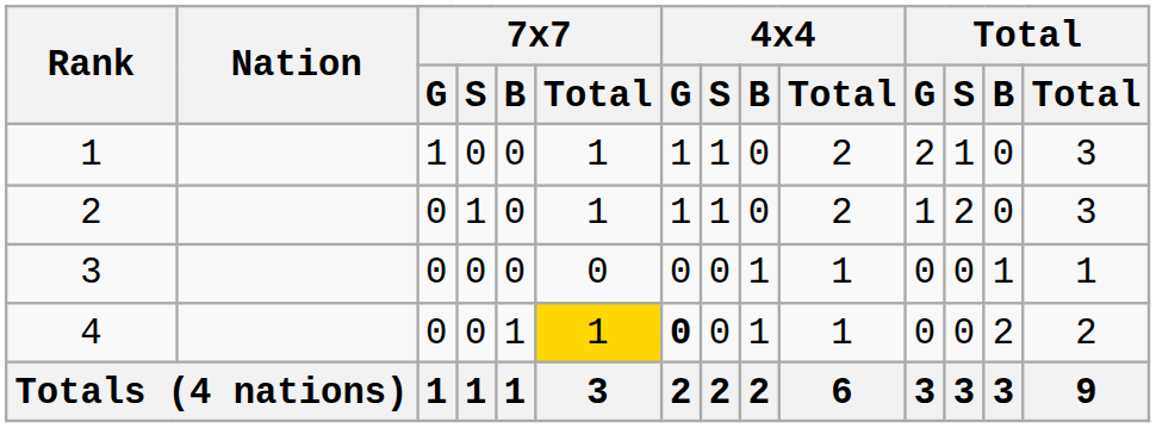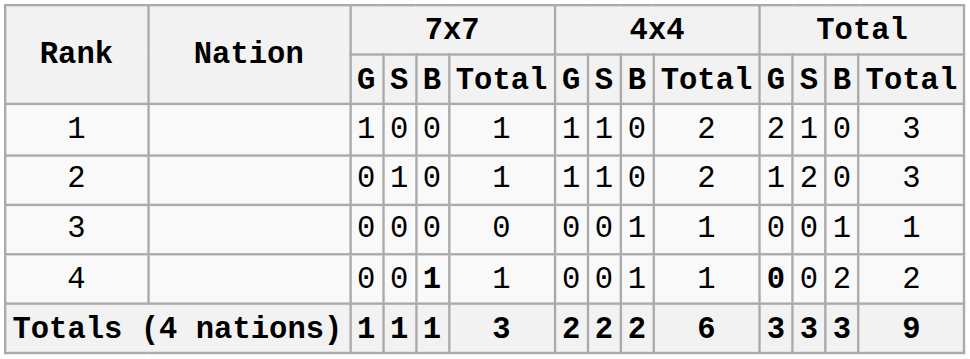 <table class="wikitable sortable" style="text-align:center">
 <tr>
 <th rowspan="2">Rank</th>
 <th rowspan="2">Nation</th>
 <th colspan="4">7x7</th>
 <th colspan="4">4x4</th>
 <th colspan="4">Total</th>
 </tr>
 <tr>
 <th>G</th>
 <th>S</th>
 <th>B</th>
 <th>Total</th>
 <th>G</th>
 <th>S</th>
 <th>B</th>
 <th>Total</th>
 <th>G</th>
 <th>S</th>
 <th>B</th>
 <th>Total</th>
 </tr>
 <tr>
 <td>1</td>
 <td style="text-align:left"></td>
 <td>1</td>
 <td>0</td>
 <td>0</td>
 <td>1</td>
 <td>1</td>
 <td>1</td>
 <td>0</td>
 <td>2</td>
 <td>2</td>
 <td>1</td>
 <td>0</td>
 <td>3</td>
 </tr>
 <tr>
 <td>2</td>
 <td style="text-align:left"></td>
 <td>0</td>
 <td>1</td>
 <td>0</td>
 <td>1</td>
 <td>1</td>
 <td>1</td>
 <td>0</td>
 <td>2</td>
 <td>1</td>
 <td>2</td>
 <td>0</td>
 <td>3</td>
 </tr>
 <tr>
 <td>3</td>
 <td style="text-align:left"></td>
 <td>0</td>
 <td>0</td>
 <td>0</td>
 <td>0</td>
 <td>0</td>
 <td>0</td>
 <td>1</td>
 <td>1</td>
 <td>0</td>
 <td>0</td>
 <td>1</td>
 <td>1</td>
 </tr>
 <tr>
 <td>4</td>
 <td style="text-align:left"></td>
 <td>0</td>
 <td>0</td>
+<td><strong>1</strong></td>
 <td>1</td>
-<td style="background: gold;">1</td>
-<td><strong>0</strong></td>
+<td>0</td>
 <td>0</td>
 <td>1</td>
 <td>1</td>
-<td>0</td>
+<td><strong>0</strong></td>
 <td>0</td>
 <td>2</td>
 <td>2</td>
 </tr>
 <tr>
 <th colspan="2" style="text-align:left">Totals (4 nations)</th>
 <th>1</th>
 <th>1</th>
 <th>1</th>
 <th>3</th>
 <th>2</th>
 <th>2</th>
 <th>2</th>
 <th>6</th>
 <th>3</th>
 <th>3</th>
 <th>3</th>
 <th>9</th>
 </tr>
 </table>
